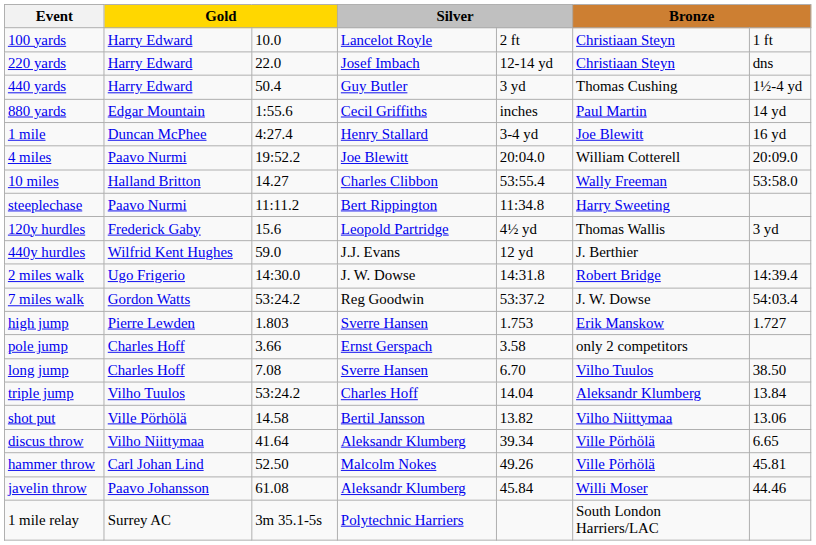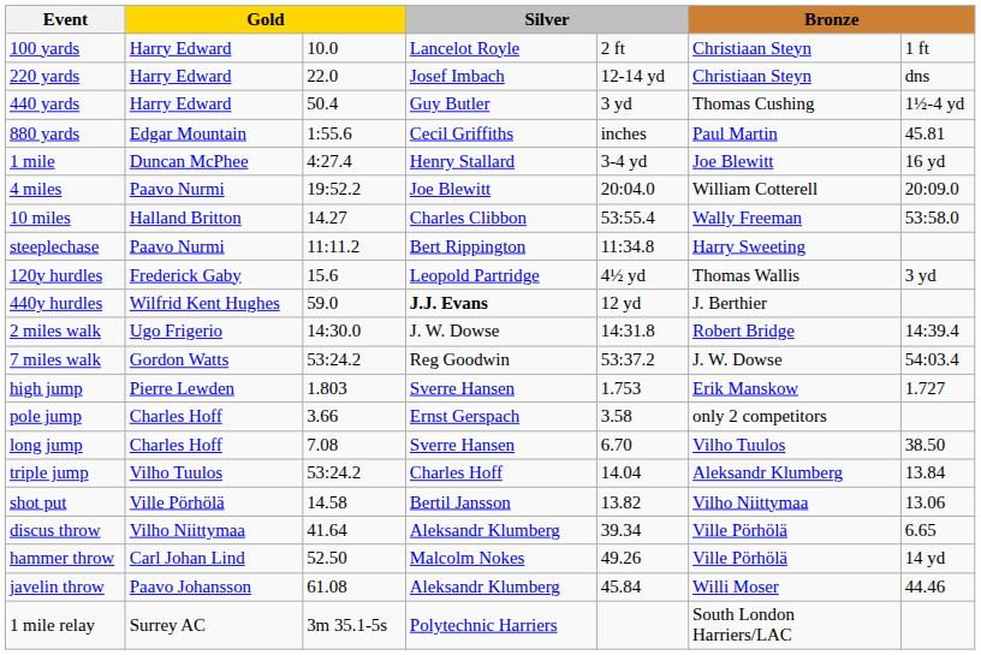 <table class="wikitable" style="text-align:left">
 <tr>
 <th width=100>Event</th>
 <th colspan="2" width="280" style="background:gold;">Gold</th>
 <th colspan="2" width="280" style="background:silver;">Silver</th>
 <th colspan="2" width="280" style="background:#CD7F32;">Bronze</th>
 </tr>
 <tr>
 <td><a href='#'>100 yards</a></td>
 <td><a href='#'>Harry Edward</a></td>
 <td>10.0</td>
 <td><a href='#'>Lancelot Royle</a></td>
 <td>2 ft</td>
 <td> <a href='#'>Christiaan Steyn</a></td>
 <td>1 ft</td>
 </tr>
 <tr>
 <td><a href='#'>220 yards</a></td>
 <td><a href='#'>Harry Edward</a></td>
 <td>22.0</td>
 <td> <a href='#'>Josef Imbach</a></td>
 <td>12-14 yd</td>
 <td> <a href='#'>Christiaan Steyn</a></td>
 <td>dns</td>
 </tr>
 <tr>
 <td><a href='#'>440 yards</a></td>
 <td><a href='#'>Harry Edward</a></td>
 <td>50.4</td>
 <td><a href='#'>Guy Butler</a></td>
 <td>3 yd</td>
 <td>Thomas Cushing</td>
 <td>1½-4 yd</td>
 </tr>
 <tr>
 <td><a href='#'>880 yards</a></td>
 <td><a href='#'>Edgar Mountain</a></td>
 <td>1:55.6</td>
 <td> <a href='#'>Cecil Griffiths</a></td>
 <td>inches</td>
 <td> <a href='#'>Paul Martin</a></td>
-<td>14 yd</td>
+<td>45.81</td>
 </tr>
 <tr>
 <td><a href='#'>1 mile</a></td>
 <td> <a href='#'>Duncan McPhee</a></td>
 <td>4:27.4</td>
 <td><a href='#'>Henry Stallard</a></td>
 <td>3-4 yd</td>
 <td><a href='#'>Joe Blewitt</a></td>
 <td>16 yd</td>
 </tr>
 <tr>
 <td><a href='#'>4 miles</a></td>
 <td> <a href='#'>Paavo Nurmi</a></td>
 <td>19:52.2</td>
 <td><a href='#'>Joe Blewitt</a></td>
 <td>20:04.0</td>
 <td>William Cotterell</td>
 <td>20:09.0</td>
 </tr>
 <tr>
 <td><a href='#'>10 miles</a></td>
 <td><a href='#'>Halland Britton</a></td>
 <td>14.27</td>
 <td><a href='#'>Charles Clibbon</a></td>
 <td>53:55.4</td>
 <td><a href='#'>Wally Freeman</a></td>
 <td>53:58.0</td>
 </tr>
 <tr>
 <td><a href='#'>steeplechase</a></td>
 <td> <a href='#'>Paavo Nurmi</a></td>
 <td>11:11.2</td>
 <td><a href='#'>Bert Rippington</a></td>
 <td>11:34.8</td>
 <td><a href='#'>Harry Sweeting</a></td>
 <td></td>
 </tr>
 <tr>
 <td><a href='#'>120y hurdles</a></td>
 <td><a href='#'>Frederick Gaby</a></td>
 <td>15.6</td>
 <td><a href='#'>Leopold Partridge</a></td>
 <td>4½ yd</td>
 <td> Thomas Wallis</td>
 <td>3 yd</td>
 </tr>
 <tr>
 <td><a href='#'>440y hurdles</a></td>
 <td> <a href='#'>Wilfrid Kent Hughes</a></td>
 <td>59.0</td>
-<td>J.J. Evans</td>
+<td><strong>J.J. Evans</strong></td>
 <td>12 yd</td>
 <td> J. Berthier</td>
 <td></td>
 </tr>
 <tr>
 <td><a href='#'>2 miles walk</a></td>
 <td> <a href='#'>Ugo Frigerio</a></td>
 <td>14:30.0</td>
 <td>J. W. Dowse</td>
 <td>14:31.8</td>
 <td><a href='#'>Robert Bridge</a></td>
 <td>14:39.4</td>
 </tr>
 <tr>
 <td><a href='#'>7 miles walk</a></td>
 <td><a href='#'>Gordon Watts</a></td>
 <td>53:24.2</td>
 <td>Reg Goodwin</td>
 <td>53:37.2</td>
 <td>J. W. Dowse</td>
 <td>54:03.4</td>
 </tr>
 <tr>
 <td><a href='#'>high jump</a></td>
 <td> <a href='#'>Pierre Lewden</a></td>
 <td>1.803</td>
 <td> <a href='#'>Sverre Hansen</a></td>
 <td>1.753</td>
 <td> <a href='#'>Erik Manskow</a></td>
 <td>1.727</td>
 </tr>
 <tr>
 <td><a href='#'>pole jump</a></td>
 <td> <a href='#'>Charles Hoff</a></td>
 <td>3.66</td>
 <td> <a href='#'>Ernst Gerspach</a></td>
 <td>3.58</td>
 <td>only 2 competitors</td>
 <td></td>
 </tr>
 <tr>
 <td><a href='#'>long jump</a></td>
 <td> <a href='#'>Charles Hoff</a></td>
 <td>7.08</td>
 <td> <a href='#'>Sverre Hansen</a></td>
 <td>6.70</td>
 <td> <a href='#'>Vilho Tuulos</a></td>
 <td>38.50</td>
 </tr>
 <tr>
 <td><a href='#'>triple jump</a></td>
 <td> <a href='#'>Vilho Tuulos</a></td>
 <td>53:24.2</td>
 <td> <a href='#'>Charles Hoff</a></td>
 <td>14.04</td>
 <td> <a href='#'>Aleksandr Klumberg</a></td>
 <td>13.84</td>
 </tr>
 <tr>
 <td><a href='#'>shot put</a></td>
 <td> <a href='#'>Ville Pörhölä</a></td>
 <td>14.58</td>
 <td> <a href='#'>Bertil Jansson</a></td>
 <td>13.82</td>
 <td> <a href='#'>Vilho Niittymaa</a></td>
 <td>13.06</td>
 </tr>
 <tr>
 <td><a href='#'>discus throw</a></td>
 <td> <a href='#'>Vilho Niittymaa</a></td>
 <td>41.64</td>
 <td> <a href='#'>Aleksandr Klumberg</a></td>
 <td>39.34</td>
 <td> <a href='#'>Ville Pörhölä</a></td>
 <td>6.65</td>
 </tr>
 <tr>
 <td><a href='#'>hammer throw</a></td>
 <td> <a href='#'>Carl Johan Lind</a></td>
 <td>52.50</td>
 <td><a href='#'>Malcolm Nokes</a></td>
 <td>49.26</td>
 <td> <a href='#'>Ville Pörhölä</a></td>
-<td>45.81</td>
+<td>14 yd</td>
 </tr>
 <tr>
 <td><a href='#'>javelin throw</a></td>
 <td> <a href='#'>Paavo Johansson</a></td>
 <td>61.08</td>
 <td> <a href='#'>Aleksandr Klumberg</a></td>
 <td>45.84</td>
 <td> <a href='#'>Willi Moser</a></td>
 <td>44.46</td>
 </tr>
 <tr>
 <td>1 mile relay</td>
 <td>Surrey AC</td>
 <td>3m 35.1-5s</td>
 <td><a href='#'>Polytechnic Harriers</a></td>
 <td></td>
 <td>South London Harriers/LAC</td>
 <td></td>
 </tr>
 </table>
